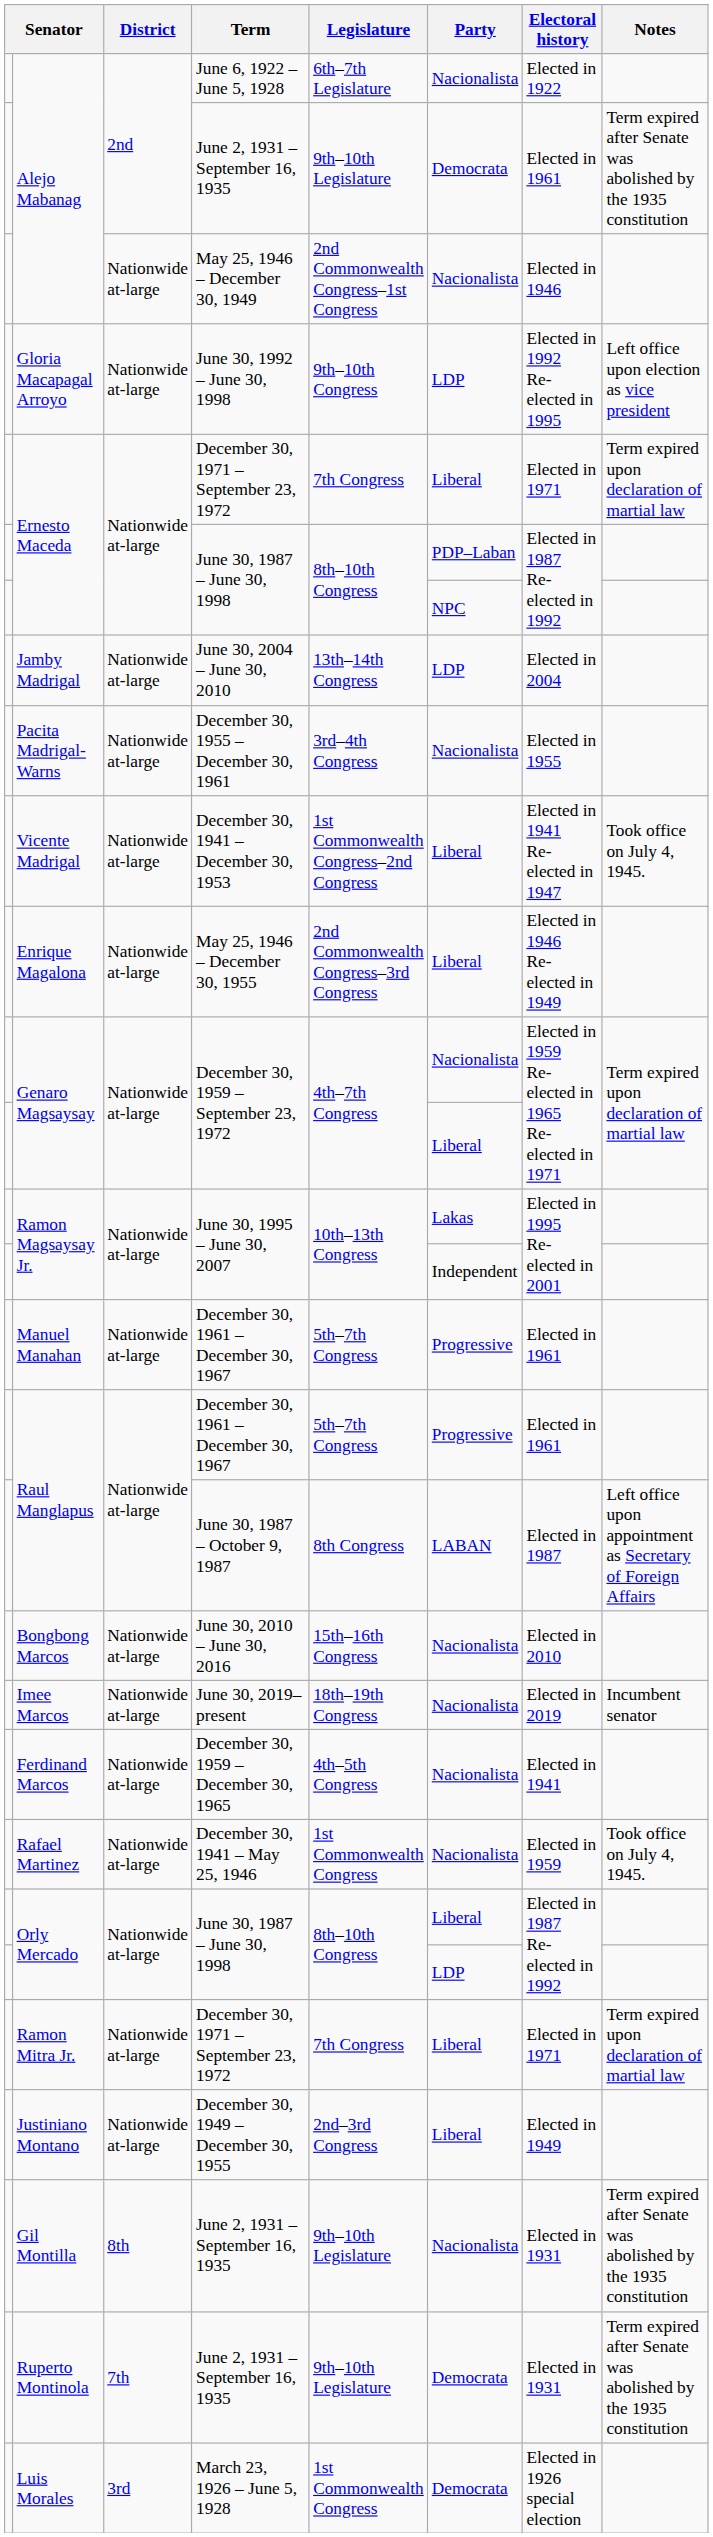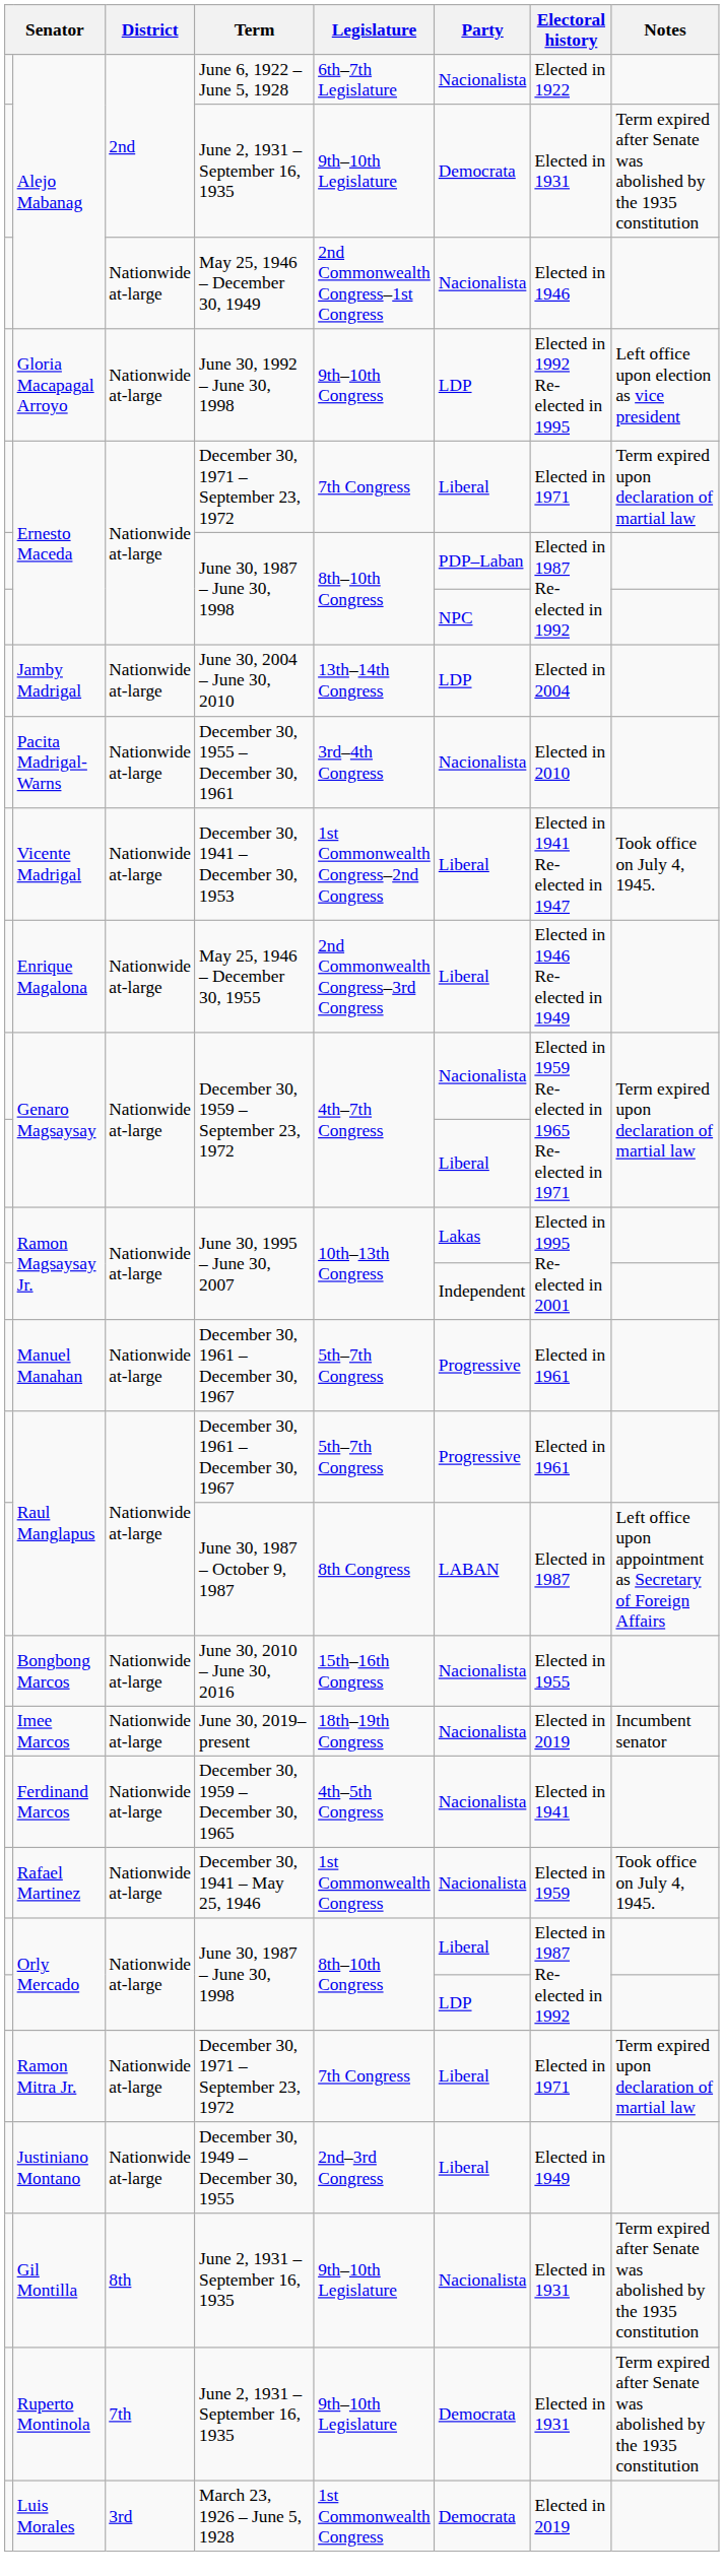 <table class="wikitable" style="font-size:95%" width=99%>
 <tr>
 <th colspan="2" width="15%">Senator</th>
 <th width="8%"><a href='#'>District</a></th>
 <th width="25%">Term</th>
 <th width="12%"><a href='#'>Legislature</a></th>
 <th width="10%"><a href='#'>Party</a></th>
 <th width="12.5%"><a href='#'>Electoral history</a></th>
 <th width="17.5%">Notes</th>
 </tr>
 <tr>
 <td width="1%" style="background-color:"></td>
 <td rowspan="3"><a href='#'>Alejo Mabanag</a></td>
 <td rowspan="2"><a href='#'>2nd</a></td>
 <td>June 6, 1922 – June 5, 1928</td>
 <td><a href='#'>6th</a>–<a href='#'>7th Legislature</a></td>
 <td><a href='#'>Nacionalista</a></td>
 <td>Elected in <a href='#'>1922</a></td>
 <td></td>
 </tr>
 <tr>
 <td style="background-color:"></td>
 <td>June 2, 1931 – September 16, 1935</td>
 <td><a href='#'>9th</a>–<a href='#'>10th Legislature</a></td>
 <td><a href='#'>Democrata</a></td>
-<td>Elected in <a href='#'>1961</a></td>
+<td>Elected in <a href='#'>1931</a></td>
 <td>Term expired after Senate was abolished by the 1935 constitution</td>
 </tr>
 <tr>
 <td style="background-color:"></td>
 <td>Nationwide at-large</td>
 <td>May 25, 1946 – December 30, 1949</td>
 <td><a href='#'>2nd Commonwealth Congress</a>–<a href='#'>1st Congress</a></td>
 <td><a href='#'>Nacionalista</a></td>
 <td>Elected in <a href='#'>1946</a></td>
 <td></td>
 </tr>
 <tr>
 <td style="background-color:"></td>
 <td><a href='#'>Gloria Macapagal Arroyo</a></td>
 <td>Nationwide at-large</td>
 <td>June 30, 1992 – June 30, 1998</td>
 <td><a href='#'>9th</a>–<a href='#'>10th Congress</a></td>
 <td><a href='#'>LDP</a></td>
 <td>Elected in <a href='#'>1992</a><br>Re-elected in <a href='#'>1995</a></td>
 <td>Left office upon election as <a href='#'>vice president</a></td>
 </tr>
 <tr>
 <td style="background-color:"></td>
 <td rowspan="3"><a href='#'>Ernesto Maceda</a></td>
 <td rowspan="3">Nationwide at-large</td>
 <td>December 30, 1971 – September 23, 1972</td>
 <td><a href='#'>7th Congress</a></td>
 <td><a href='#'>Liberal</a></td>
 <td>Elected in <a href='#'>1971</a></td>
 <td>Term expired upon <a href='#'>declaration of martial law</a></td>
 </tr>
 <tr>
 <td style="background-color:"></td>
 <td rowspan="2">June 30, 1987 – June 30, 1998</td>
 <td rowspan="2"><a href='#'>8th</a>–<a href='#'>10th Congress</a></td>
 <td><a href='#'>PDP–Laban</a></td>
 <td rowspan="2">Elected in <a href='#'>1987</a><br>Re-elected in <a href='#'>1992</a></td>
 <td></td>
 </tr>
 <tr>
 <td style="background-color:"></td>
 <td><a href='#'>NPC</a></td>
 <td></td>
 </tr>
 <tr>
 <td style="background-color:"></td>
 <td><a href='#'>Jamby Madrigal</a></td>
 <td>Nationwide at-large</td>
 <td>June 30, 2004 – June 30, 2010</td>
 <td><a href='#'>13th</a>–<a href='#'>14th Congress</a></td>
 <td><a href='#'>LDP</a></td>
 <td>Elected in <a href='#'>2004</a></td>
 <td></td>
 </tr>
 <tr>
 <td style="background-color:"></td>
 <td><a href='#'>Pacita Madrigal-Warns</a></td>
 <td>Nationwide at-large</td>
 <td>December 30, 1955 – December 30, 1961</td>
 <td><a href='#'>3rd</a>–<a href='#'>4th Congress</a></td>
 <td><a href='#'>Nacionalista</a></td>
-<td>Elected in <a href='#'>1955</a></td>
+<td>Elected in <a href='#'>2010</a></td>
 <td></td>
 </tr>
 <tr>
 <td style="background-color:"></td>
 <td><a href='#'>Vicente Madrigal</a></td>
 <td>Nationwide at-large</td>
 <td>December 30, 1941 – December 30, 1953</td>
 <td><a href='#'>1st Commonwealth Congress</a>–<a href='#'>2nd Congress</a></td>
 <td><a href='#'>Liberal</a></td>
 <td>Elected in <a href='#'>1941</a><br>Re-elected in <a href='#'>1947</a></td>
 <td>Took office on July 4, 1945.</td>
 </tr>
 <tr>
 <td style="background-color:"></td>
 <td><a href='#'>Enrique Magalona</a></td>
 <td>Nationwide at-large</td>
 <td>May 25, 1946 – December 30, 1955</td>
 <td><a href='#'>2nd Commonwealth Congress</a>–<a href='#'>3rd Congress</a></td>
 <td><a href='#'>Liberal</a></td>
 <td>Elected in <a href='#'>1946</a><br>Re-elected in <a href='#'>1949</a></td>
 <td></td>
 </tr>
 <tr>
 <td style="background-color:"></td>
 <td rowspan="2"><a href='#'>Genaro Magsaysay</a></td>
 <td rowspan="2">Nationwide at-large</td>
 <td rowspan="2">December 30, 1959 – September 23, 1972</td>
 <td rowspan="2"><a href='#'>4th</a>–<a href='#'>7th Congress</a></td>
 <td><a href='#'>Nacionalista</a></td>
 <td rowspan="2">Elected in <a href='#'>1959</a><br>Re-elected in <a href='#'>1965</a><br>Re-elected in <a href='#'>1971</a></td>
 <td rowspan="2">Term expired upon <a href='#'>declaration of martial law</a></td>
 </tr>
 <tr>
 <td style="background-color:"></td>
 <td><a href='#'>Liberal</a></td>
 </tr>
 <tr>
 <td style="background-color:"></td>
 <td rowspan="2"><a href='#'>Ramon Magsaysay Jr.</a></td>
 <td rowspan="2">Nationwide at-large</td>
 <td rowspan="2">June 30, 1995 – June 30, 2007</td>
 <td rowspan="2"><a href='#'>10th</a>–<a href='#'>13th Congress</a></td>
 <td><a href='#'>Lakas</a></td>
 <td rowspan="2">Elected in <a href='#'>1995</a><br>Re-elected in <a href='#'>2001</a></td>
 <td></td>
 </tr>
 <tr>
 <td style="background-color:"></td>
 <td>Independent</td>
 <td></td>
 </tr>
 <tr>
 <td style="background-color:"></td>
 <td><a href='#'>Manuel Manahan</a></td>
 <td>Nationwide at-large</td>
 <td>December 30, 1961 – December 30, 1967</td>
 <td><a href='#'>5th</a>–<a href='#'>7th Congress</a></td>
 <td><a href='#'>Progressive</a></td>
 <td>Elected in <a href='#'>1961</a></td>
 <td></td>
 </tr>
 <tr>
 <td style="background-color:"></td>
 <td rowspan="2"><a href='#'>Raul Manglapus</a></td>
 <td rowspan="2">Nationwide at-large</td>
 <td>December 30, 1961 – December 30, 1967</td>
 <td><a href='#'>5th</a>–<a href='#'>7th Congress</a></td>
 <td><a href='#'>Progressive</a></td>
 <td>Elected in <a href='#'>1961</a></td>
 <td></td>
 </tr>
 <tr>
 <td style="background-color:"></td>
 <td>June 30, 1987 – October 9, 1987</td>
 <td><a href='#'>8th Congress</a></td>
 <td><a href='#'>LABAN</a></td>
 <td>Elected in <a href='#'>1987</a></td>
 <td>Left office upon appointment as <a href='#'>Secretary of Foreign Affairs</a></td>
 </tr>
 <tr>
 <td style="background-color:"></td>
 <td><a href='#'>Bongbong Marcos</a></td>
 <td>Nationwide at-large</td>
 <td>June 30, 2010 – June 30, 2016</td>
 <td><a href='#'>15th</a>–<a href='#'>16th Congress</a></td>
 <td><a href='#'>Nacionalista</a></td>
-<td>Elected in <a href='#'>2010</a></td>
+<td>Elected in <a href='#'>1955</a></td>
 <td></td>
 </tr>
 <tr>
 <td style="background-color:"></td>
 <td><a href='#'>Imee Marcos</a></td>
 <td>Nationwide at-large</td>
 <td>June 30, 2019–present</td>
 <td><a href='#'>18th</a>–<a href='#'>19th Congress</a></td>
 <td><a href='#'>Nacionalista</a></td>
 <td>Elected in <a href='#'>2019</a></td>
 <td>Incumbent senator</td>
 </tr>
 <tr>
 <td style="background-color:"></td>
 <td><a href='#'>Ferdinand Marcos</a></td>
 <td>Nationwide at-large</td>
 <td>December 30, 1959 – December 30, 1965</td>
 <td><a href='#'>4th</a>–<a href='#'>5th Congress</a></td>
 <td><a href='#'>Nacionalista</a></td>
 <td>Elected in <a href='#'>1941</a></td>
 <td></td>
 </tr>
 <tr>
 <td style="background-color:"></td>
 <td><a href='#'>Rafael Martinez</a></td>
 <td>Nationwide at-large</td>
 <td>December 30, 1941 – May 25, 1946</td>
 <td><a href='#'>1st Commonwealth Congress</a></td>
 <td><a href='#'>Nacionalista</a></td>
 <td>Elected in <a href='#'>1959</a></td>
 <td>Took office on July 4, 1945.</td>
 </tr>
 <tr>
 <td style="background-color:"></td>
 <td rowspan="2"><a href='#'>Orly Mercado</a></td>
 <td rowspan="2">Nationwide at-large</td>
 <td rowspan="2">June 30, 1987 – June 30, 1998</td>
 <td rowspan="2"><a href='#'>8th</a>–<a href='#'>10th Congress</a></td>
 <td><a href='#'>Liberal</a></td>
 <td rowspan="2">Elected in <a href='#'>1987</a><br>Re-elected in <a href='#'>1992</a></td>
 <td></td>
 </tr>
 <tr>
 <td style="background-color:"></td>
 <td><a href='#'>LDP</a></td>
 <td></td>
 </tr>
 <tr>
 <td style="background-color:"></td>
 <td><a href='#'>Ramon Mitra Jr.</a></td>
 <td>Nationwide at-large</td>
 <td>December 30, 1971 – September 23, 1972</td>
 <td><a href='#'>7th Congress</a></td>
 <td><a href='#'>Liberal</a></td>
 <td>Elected in <a href='#'>1971</a></td>
 <td>Term expired upon <a href='#'>declaration of martial law</a></td>
 </tr>
 <tr>
 <td style="background-color:"></td>
 <td><a href='#'>Justiniano Montano</a></td>
 <td>Nationwide at-large</td>
 <td>December 30, 1949 – December 30, 1955</td>
 <td><a href='#'>2nd</a>–<a href='#'>3rd Congress</a></td>
 <td><a href='#'>Liberal</a></td>
 <td>Elected in <a href='#'>1949</a></td>
 <td></td>
 </tr>
 <tr>
 <td style="background-color:"></td>
 <td><a href='#'>Gil Montilla</a></td>
 <td><a href='#'>8th</a></td>
 <td>June 2, 1931 – September 16, 1935</td>
 <td><a href='#'>9th</a>–<a href='#'>10th Legislature</a></td>
 <td><a href='#'>Nacionalista</a></td>
 <td>Elected in <a href='#'>1931</a></td>
 <td>Term expired after Senate was abolished by the 1935 constitution</td>
 </tr>
 <tr>
 <td style="background-color:"></td>
 <td><a href='#'>Ruperto Montinola</a></td>
 <td><a href='#'>7th</a></td>
 <td>June 2, 1931 – September 16, 1935</td>
 <td><a href='#'>9th</a>–<a href='#'>10th Legislature</a></td>
 <td><a href='#'>Democrata</a></td>
 <td>Elected in <a href='#'>1931</a></td>
 <td>Term expired after Senate was abolished by the 1935 constitution</td>
 </tr>
 <tr>
 <td style="background-color:"></td>
 <td><a href='#'>Luis Morales</a></td>
 <td><a href='#'>3rd</a></td>
 <td>March 23, 1926 – June 5, 1928</td>
 <td><a href='#'>1st Commonwealth Congress</a></td>
 <td><a href='#'>Democrata</a></td>
-<td>Elected in 1926 special election</td>
+<td>Elected in <a href='#'>2019</a></td>
 <td></td>
 </tr>
 </table>
